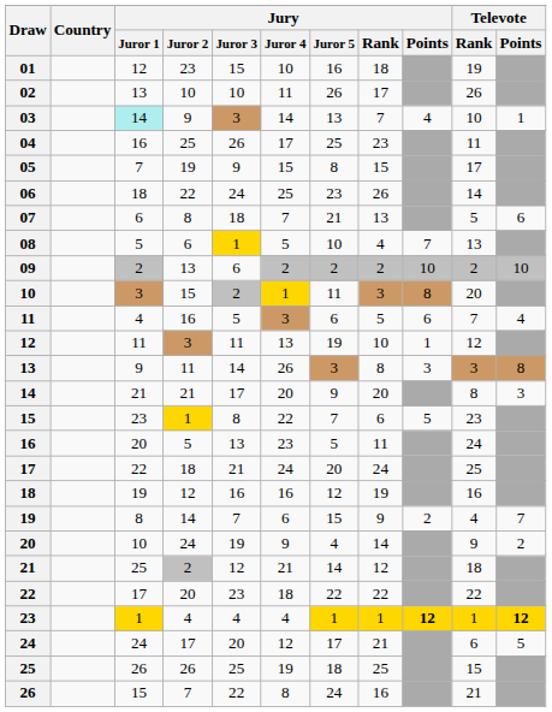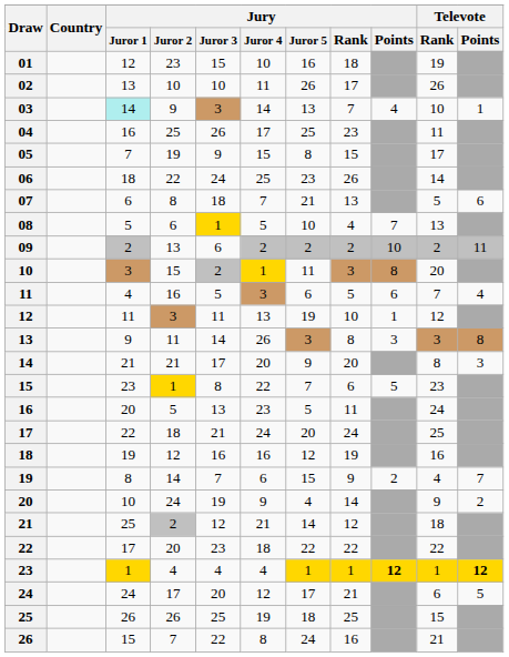 <table class="sortable wikitable collapsible plainrowheaders" style="text-align:center;">
 <tr>
 </tr>
 <tr>
 <th scope="col" rowspan="2">Draw</th>
 <th scope="col" rowspan="2">Country</th>
 <th scope="col" colspan="7">Jury</th>
 <th scope="col" colspan="2">Televote</th>
 </tr>
 <tr>
 <th scope="col"><small>Juror 1</small></th>
 <th scope="col"><small>Juror 2</small></th>
 <th scope="col"><small>Juror 3</small></th>
 <th scope="col"><small>Juror 4</small></th>
 <th scope="col"><small>Juror 5</small></th>
 <th scope="col">Rank</th>
 <th scope="col">Points</th>
 <th scope="col">Rank</th>
 <th scope="col">Points</th>
 </tr>
 <tr>
 <th scope="row" style="text-align:center;">01</th>
 <td style="text-align:left;"></td>
 <td>12</td>
 <td>23</td>
 <td>15</td>
 <td>10</td>
 <td>16</td>
 <td>18</td>
 <td style="background:#AAAAAA;"></td>
 <td>19</td>
 <td style="background:#AAAAAA;"></td>
 </tr>
 <tr>
 <th scope="row" style="text-align:center;">02</th>
 <td style="text-align:left;"></td>
 <td>13</td>
 <td>10</td>
 <td>10</td>
 <td>11</td>
 <td>26</td>
 <td>17</td>
 <td style="background:#AAAAAA;"></td>
 <td>26</td>
 <td style="background:#AAAAAA;"></td>
 </tr>
 <tr>
 <th scope="row" style="text-align:center;">03</th>
 <td style="text-align:left;"></td>
 <td style="background: paleturquoise;">14</td>
 <td>9</td>
 <td style="background:#CC9966;">3</td>
 <td>14</td>
 <td>13</td>
 <td>7</td>
 <td>4</td>
 <td>10</td>
 <td>1</td>
 </tr>
 <tr>
 <th scope="row" style="text-align:center;">04</th>
 <td style="text-align:left;"></td>
 <td>16</td>
 <td>25</td>
 <td>26</td>
 <td>17</td>
 <td>25</td>
 <td>23</td>
 <td style="background:#AAAAAA;"></td>
 <td>11</td>
 <td style="background:#AAAAAA;"></td>
 </tr>
 <tr>
 <th scope="row" style="text-align:center;">05</th>
 <td style="text-align:left;"></td>
 <td>7</td>
 <td>19</td>
 <td>9</td>
 <td>15</td>
 <td>8</td>
 <td>15</td>
 <td style="background:#AAAAAA;"></td>
 <td>17</td>
 <td style="background:#AAAAAA;"></td>
 </tr>
 <tr>
 <th scope="row" style="text-align:center;">06</th>
 <td style="text-align:left;"></td>
 <td>18</td>
 <td>22</td>
 <td>24</td>
 <td>25</td>
 <td>23</td>
 <td>26</td>
 <td style="background:#AAAAAA;"></td>
 <td>14</td>
 <td style="background:#AAAAAA;"></td>
 </tr>
 <tr>
 <th scope="row" style="text-align:center;">07</th>
 <td style="text-align:left;"></td>
 <td>6</td>
 <td>8</td>
 <td>18</td>
 <td>7</td>
 <td>21</td>
 <td>13</td>
 <td style="background:#AAAAAA;"></td>
 <td>5</td>
 <td>6</td>
 </tr>
 <tr>
 <th scope="row" style="text-align:center;">08</th>
 <td style="text-align:left;"></td>
 <td>5</td>
 <td>6</td>
 <td style="background:gold;">1</td>
 <td>5</td>
 <td>10</td>
 <td>4</td>
 <td>7</td>
 <td>13</td>
 <td style="background:#AAAAAA;"></td>
 </tr>
 <tr>
 <th scope="row" style="text-align:center;">09</th>
 <td style="text-align:left;"></td>
 <td style="background:silver;">2</td>
 <td>13</td>
 <td>6</td>
 <td style="background:silver;">2</td>
 <td style="background:silver;">2</td>
 <td style="background:silver;">2</td>
 <td style="background:silver;">10</td>
 <td style="background:silver;">2</td>
-<td style="background:silver;">10</td>
+<td style="background:silver;">11</td>
 </tr>
 <tr>
 <th scope="row" style="text-align:center;">10</th>
 <td style="text-align:left;"></td>
 <td style="background:#CC9966;">3</td>
 <td>15</td>
 <td style="background:silver;">2</td>
 <td style="background:gold;">1</td>
 <td>11</td>
 <td style="background:#CC9966;">3</td>
 <td style="background:#CC9966;">8</td>
 <td>20</td>
 <td style="background:#AAAAAA;"></td>
 </tr>
 <tr>
 <th scope="row" style="text-align:center;">11</th>
 <td style="text-align:left;"></td>
 <td>4</td>
 <td>16</td>
 <td>5</td>
 <td style="background:#CC9966;">3</td>
 <td>6</td>
 <td>5</td>
 <td>6</td>
 <td>7</td>
 <td>4</td>
 </tr>
 <tr>
 <th scope="row" style="text-align:center;">12</th>
 <td style="text-align:left;"></td>
 <td>11</td>
 <td style="background:#CC9966;">3</td>
 <td>11</td>
 <td>13</td>
 <td>19</td>
 <td>10</td>
 <td>1</td>
 <td>12</td>
 <td style="background:#AAAAAA;"></td>
 </tr>
 <tr>
 <th scope="row" style="text-align:center;">13</th>
 <td style="text-align:left;"></td>
 <td>9</td>
 <td>11</td>
 <td>14</td>
 <td>26</td>
 <td style="background:#CC9966;">3</td>
 <td>8</td>
 <td>3</td>
 <td style="background:#CC9966;">3</td>
 <td style="background:#CC9966;">8</td>
 </tr>
 <tr>
 <th scope="row" style="text-align:center;">14</th>
 <td style="text-align:left;"></td>
 <td>21</td>
 <td>21</td>
 <td>17</td>
 <td>20</td>
 <td>9</td>
 <td>20</td>
 <td style="background:#AAAAAA;"></td>
 <td>8</td>
 <td>3</td>
 </tr>
 <tr>
 <th scope="row" style="text-align:center;">15</th>
 <td style="text-align:left;"></td>
 <td>23</td>
 <td style="background:gold;">1</td>
 <td>8</td>
 <td>22</td>
 <td>7</td>
 <td>6</td>
 <td>5</td>
 <td>23</td>
 <td style="background:#AAAAAA;"></td>
 </tr>
 <tr>
 <th scope="row" style="text-align:center;">16</th>
 <td style="text-align:left;"></td>
 <td>20</td>
 <td>5</td>
 <td>13</td>
 <td>23</td>
 <td>5</td>
 <td>11</td>
 <td style="background:#AAAAAA;"></td>
 <td>24</td>
 <td style="background:#AAAAAA;"></td>
 </tr>
 <tr>
 <th scope="row" style="text-align:center;">17</th>
 <td style="text-align:left;"></td>
 <td>22</td>
 <td>18</td>
 <td>21</td>
 <td>24</td>
 <td>20</td>
 <td>24</td>
 <td style="background:#AAAAAA;"></td>
 <td>25</td>
 <td style="background:#AAAAAA;"></td>
 </tr>
 <tr>
 <th scope="row" style="text-align:center;">18</th>
 <td style="text-align:left;"></td>
 <td>19</td>
 <td>12</td>
 <td>16</td>
 <td>16</td>
 <td>12</td>
 <td>19</td>
 <td style="background:#AAAAAA;"></td>
 <td>16</td>
 <td style="background:#AAAAAA;"></td>
 </tr>
 <tr>
 <th scope="row" style="text-align:center;">19</th>
 <td style="text-align:left;"></td>
 <td>8</td>
 <td>14</td>
 <td>7</td>
 <td>6</td>
 <td>15</td>
 <td>9</td>
 <td>2</td>
 <td>4</td>
 <td>7</td>
 </tr>
 <tr>
 <th scope="row" style="text-align:center;">20</th>
 <td style="text-align:left;"></td>
 <td>10</td>
 <td>24</td>
 <td>19</td>
 <td>9</td>
 <td>4</td>
 <td>14</td>
 <td style="background:#AAAAAA;"></td>
 <td>9</td>
 <td>2</td>
 </tr>
 <tr>
 <th scope="row" style="text-align:center;">21</th>
 <td style="text-align:left;"></td>
 <td>25</td>
 <td style="background:silver;">2</td>
 <td>12</td>
 <td>21</td>
 <td>14</td>
 <td>12</td>
 <td style="background:#AAAAAA;"></td>
 <td>18</td>
 <td style="background:#AAAAAA;"></td>
 </tr>
 <tr>
 <th scope="row" style="text-align:center;">22</th>
 <td style="text-align:left;"></td>
 <td>17</td>
 <td>20</td>
 <td>23</td>
 <td>18</td>
 <td>22</td>
 <td>22</td>
 <td style="background:#AAAAAA;"></td>
 <td>22</td>
 <td style="background:#AAAAAA;"></td>
 </tr>
 <tr>
 <th scope="row" style="text-align:center;">23</th>
 <td style="text-align:left;"></td>
 <td style="background:gold;">1</td>
 <td>4</td>
 <td>4</td>
 <td>4</td>
 <td style="background:gold;">1</td>
 <td style="background:gold;">1</td>
 <td style="background:gold;"><strong>12</strong></td>
 <td style="background:gold;">1</td>
 <td style="background:gold;"><strong>12</strong></td>
 </tr>
 <tr>
 <th scope="row" style="text-align:center;">24</th>
 <td style="text-align:left;"></td>
 <td>24</td>
 <td>17</td>
 <td>20</td>
 <td>12</td>
 <td>17</td>
 <td>21</td>
 <td style="background:#AAAAAA;"></td>
 <td>6</td>
 <td>5</td>
 </tr>
 <tr>
 <th scope="row" style="text-align:center;">25</th>
 <td style="text-align:left;"></td>
 <td>26</td>
 <td>26</td>
 <td>25</td>
 <td>19</td>
 <td>18</td>
 <td>25</td>
 <td style="background:#AAAAAA;"></td>
 <td>15</td>
 <td style="background:#AAAAAA;"></td>
 </tr>
 <tr>
 <th scope="row" style="text-align:center;">26</th>
 <td style="text-align:left;"></td>
 <td>15</td>
 <td>7</td>
 <td>22</td>
 <td>8</td>
 <td>24</td>
 <td>16</td>
 <td style="background:#AAAAAA;"></td>
 <td>21</td>
 <td style="background:#AAAAAA;"></td>
 </tr>
 </table>
